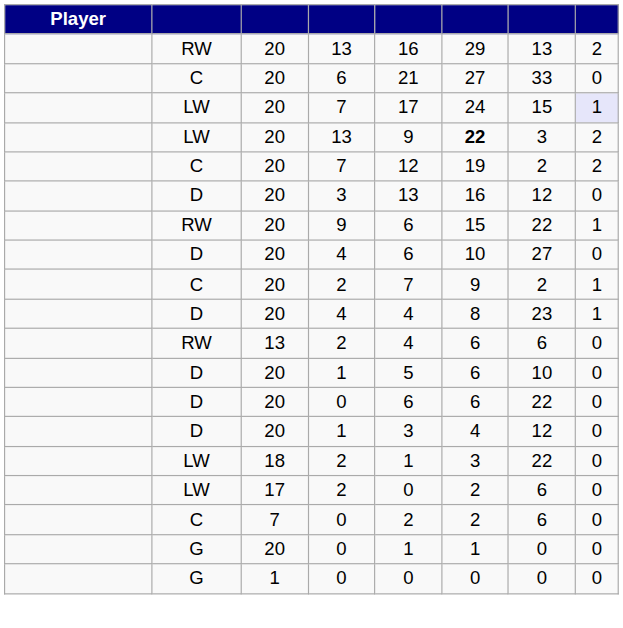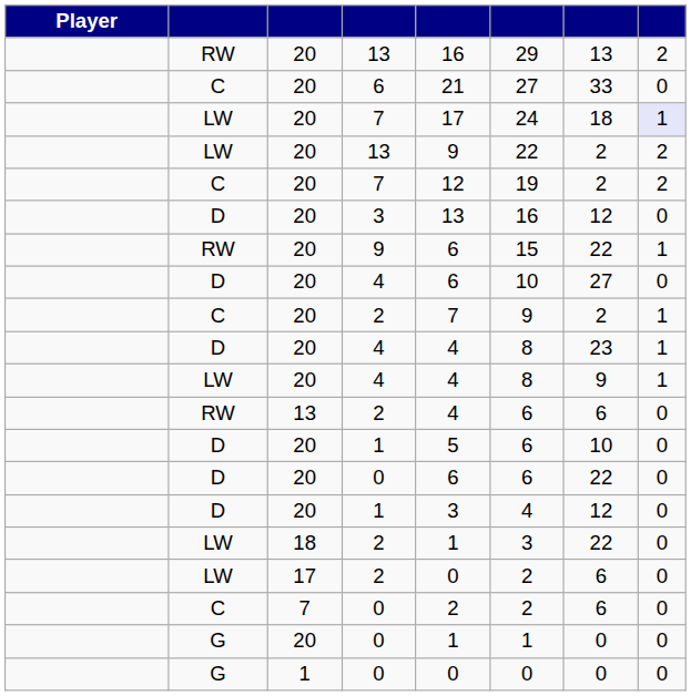 <table style="width:60%;" class="wikitable sortable">
 <tr align=center>
 <th style="color:white; background:#000084; ">Player</th>
 <th style="color:white; background:#000084; "></th>
 <th style="color:white; background:#000084; "></th>
 <th style="color:white; background:#000084; "></th>
 <th style="color:white; background:#000084; "></th>
 <th style="color:white; background:#000084; "></th>
 <th style="color:white; background:#000084; "></th>
 <th style="color:white; background:#000084; "></th>
 </tr>
 <tr align="center">
 <td align="right"></td>
 <td>RW</td>
 <td>20</td>
 <td>13</td>
 <td>16</td>
 <td>29</td>
 <td>13</td>
 <td>2</td>
 </tr>
 <tr align="center">
 <td align="right"></td>
 <td>C</td>
 <td>20</td>
 <td>6</td>
 <td>21</td>
 <td>27</td>
 <td>33</td>
 <td>0</td>
 </tr>
 <tr align="center">
 <td align="right"></td>
 <td>LW</td>
 <td>20</td>
 <td>7</td>
 <td>17</td>
 <td>24</td>
-<td>15</td>
+<td>18</td>
 <td style="background: lavender;">1</td>
 </tr>
 <tr align="center">
 <td align="right"></td>
 <td>LW</td>
 <td>20</td>
 <td>13</td>
 <td>9</td>
-<td><strong>22</strong></td>
-<td>3</td>
+<td>22</td>
+<td>2</td>
 <td>2</td>
 </tr>
 <tr align="center">
 <td align="right"></td>
 <td>C</td>
 <td>20</td>
 <td>7</td>
 <td>12</td>
 <td>19</td>
 <td>2</td>
 <td>2</td>
 </tr>
 <tr align="center">
 <td align="right"></td>
 <td>D</td>
 <td>20</td>
 <td>3</td>
 <td>13</td>
 <td>16</td>
 <td>12</td>
 <td>0</td>
 </tr>
 <tr align="center">
 <td align="right"></td>
 <td>RW</td>
 <td>20</td>
 <td>9</td>
 <td>6</td>
 <td>15</td>
 <td>22</td>
 <td>1</td>
 </tr>
 <tr align="center">
 <td align="right"></td>
 <td>D</td>
 <td>20</td>
 <td>4</td>
 <td>6</td>
 <td>10</td>
 <td>27</td>
 <td>0</td>
 </tr>
 <tr align="center">
 <td align="right"></td>
 <td>C</td>
 <td>20</td>
 <td>2</td>
 <td>7</td>
 <td>9</td>
 <td>2</td>
 <td>1</td>
 </tr>
 <tr align="center">
 <td align="right"></td>
 <td>D</td>
 <td>20</td>
 <td>4</td>
 <td>4</td>
 <td>8</td>
 <td>23</td>
+<td>1</td>
+</tr>
+<tr align="center">
+<td align="right"></td>
+<td>LW</td>
+<td>20</td>
+<td>4</td>
+<td>4</td>
+<td>8</td>
+<td>9</td>
 <td>1</td>
 </tr>
 <tr align="center">
 <td align="right"></td>
 <td>RW</td>
 <td>13</td>
 <td>2</td>
 <td>4</td>
 <td>6</td>
 <td>6</td>
 <td>0</td>
 </tr>
 <tr align="center">
 <td align="right"></td>
 <td>D</td>
 <td>20</td>
 <td>1</td>
 <td>5</td>
 <td>6</td>
 <td>10</td>
 <td>0</td>
 </tr>
 <tr align="center">
 <td align="right"></td>
 <td>D</td>
 <td>20</td>
 <td>0</td>
 <td>6</td>
 <td>6</td>
 <td>22</td>
 <td>0</td>
 </tr>
 <tr align="center">
 <td align="right"></td>
 <td>D</td>
 <td>20</td>
 <td>1</td>
 <td>3</td>
 <td>4</td>
 <td>12</td>
 <td>0</td>
 </tr>
 <tr align="center">
 <td align="right"></td>
 <td>LW</td>
 <td>18</td>
 <td>2</td>
 <td>1</td>
 <td>3</td>
 <td>22</td>
 <td>0</td>
 </tr>
 <tr align="center">
 <td align="right"></td>
 <td>LW</td>
 <td>17</td>
 <td>2</td>
 <td>0</td>
 <td>2</td>
 <td>6</td>
 <td>0</td>
 </tr>
 <tr align="center">
 <td align="right"></td>
 <td>C</td>
 <td>7</td>
 <td>0</td>
 <td>2</td>
 <td>2</td>
 <td>6</td>
 <td>0</td>
 </tr>
 <tr align="center">
 <td align="right"></td>
 <td>G</td>
 <td>20</td>
 <td>0</td>
 <td>1</td>
 <td>1</td>
 <td>0</td>
 <td>0</td>
 </tr>
 <tr align="center">
 <td align="right"></td>
 <td>G</td>
 <td>1</td>
 <td>0</td>
 <td>0</td>
 <td>0</td>
 <td>0</td>
 <td>0</td>
 </tr>
 </table>
